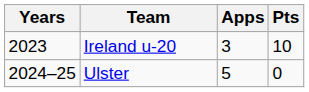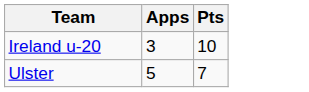 <table class="wikitable" style="text-align:left;">
 <tr>
-<th>Years</th>
 <th width=120px>Team</th>
 <th>Apps</th>
 <th>Pts</th>
 </tr>
 <tr>
-<td>2023</td>
 <td><a href='#'>Ireland u-20</a></td>
 <td>3</td>
 <td>10</td>
 </tr>
 <tr>
-<td>2024–25</td>
 <td><a href='#'>Ulster</a></td>
 <td>5</td>
-<td>0</td>
+<td>7</td>
 </tr>
 </table>
